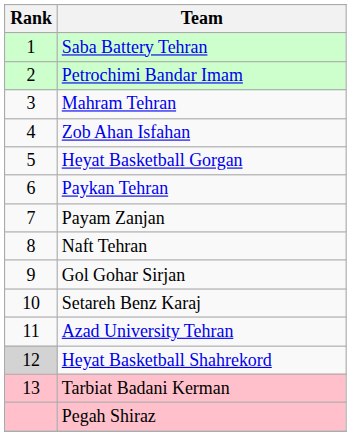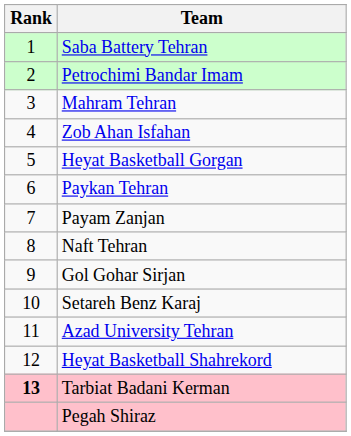 <table class="wikitable" style="text-align: center;">
 <tr>
 <th width=40>Rank</th>
 <th width=250>Team</th>
 </tr>
 <tr bgcolor=ccffcc>
 <td>1</td>
 <td align="left"><a href='#'>Saba Battery Tehran</a></td>
 </tr>
 <tr bgcolor=ccffcc>
 <td>2</td>
 <td align="left"><a href='#'>Petrochimi Bandar Imam</a></td>
 </tr>
 <tr>
 <td>3</td>
 <td align="left"><a href='#'>Mahram Tehran</a></td>
 </tr>
 <tr>
 <td>4</td>
 <td align="left"><a href='#'>Zob Ahan Isfahan</a></td>
 </tr>
 <tr>
 <td>5</td>
 <td align="left"><a href='#'>Heyat Basketball Gorgan</a></td>
 </tr>
 <tr>
 <td>6</td>
 <td align="left"><a href='#'>Paykan Tehran</a></td>
 </tr>
 <tr>
 <td>7</td>
 <td align="left">Payam Zanjan</td>
 </tr>
 <tr>
 <td>8</td>
 <td align="left">Naft Tehran</td>
 </tr>
 <tr>
 <td>9</td>
 <td align="left">Gol Gohar Sirjan</td>
 </tr>
 <tr>
 <td>10</td>
 <td align="left">Setareh Benz Karaj</td>
 </tr>
 <tr>
 <td>11</td>
 <td align="left"><a href='#'>Azad University Tehran</a></td>
 </tr>
 <tr>
-<td style="background: lightgrey;">12</td>
+<td>12</td>
 <td align="left"><a href='#'>Heyat Basketball Shahrekord</a></td>
 </tr>
 <tr bgcolor=pink>
-<td>13</td>
+<td><strong>13</strong></td>
 <td align="left">Tarbiat Badani Kerman</td>
 </tr>
 <tr bgcolor=pink>
 <td></td>
 <td align="left">Pegah Shiraz</td>
 </tr>
 <tr>
 </tr>
 </table>
